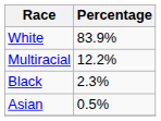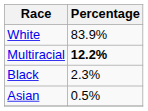 <table class="wikitable">
 <tr>
 <th>Race</th>
 <th>Percentage</th>
 </tr>
 <tr>
 <td><a href='#'>White</a></td>
 <td>83.9%</td>
 </tr>
 <tr>
 <td><a href='#'>Multiracial</a></td>
-<td>12.2%</td>
+<td><strong>12.2%</strong></td>
 </tr>
 <tr>
 <td><a href='#'>Black</a></td>
 <td>2.3%</td>
 </tr>
 <tr>
 <td><a href='#'>Asian</a></td>
 <td>0.5%</td>
 </tr>
 <tr>
 </tr>
 </table>
